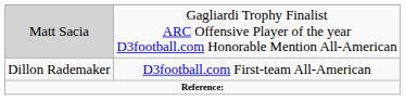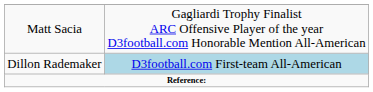 <table class="wikitable sortable sortable" style="text-align: center">
 <tr align=center>
 </tr>
 <tr>
-<td style="background: lightgrey;">Matt Sacia</td>
+<td>Matt Sacia</td>
 <td>Gagliardi Trophy Finalist<br><a href='#'>ARC</a> Offensive Player of the year<br><a href='#'>D3football.com</a> Honorable Mention All-American</td>
 </tr>
 <tr>
 <td>Dillon Rademaker</td>
-<td><a href='#'>D3football.com</a> First-team All-American</td>
+<td style="background: lightblue;"><a href='#'>D3football.com</a> First-team All-American</td>
 </tr>
 <tr class="sortbottom">
 <td colspan="2"  style="font-size:8pt; text-align:center;"><strong>Reference:</strong></td>
 </tr>
 </table>
